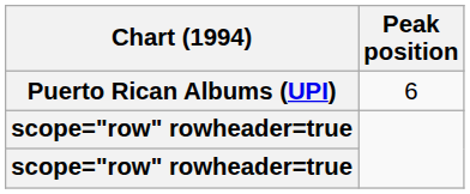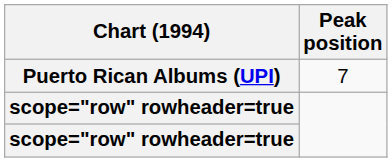 <table class="wikitable sortable plainrowheaders">
 <tr>
 <th>Chart (1994)</th>
 <th>Peak<br>position</th>
 </tr>
 <tr>
 <th scope="row">Puerto Rican Albums (<a href='#'>UPI</a>)</th>
-<td align="center">6</td>
+<td align="center">7</td>
 </tr>
 <tr>
 <th>scope="row" rowheader=true</th>
 </tr>
 <tr>
 <th>scope="row" rowheader=true</th>
 </tr>
 </table>
